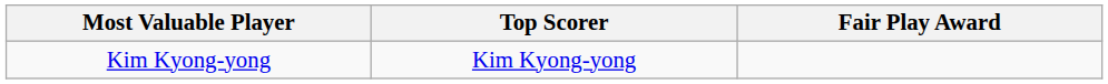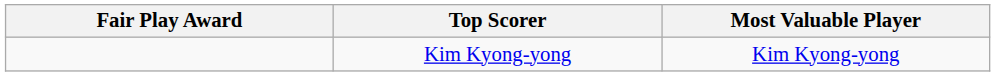 <table class="wikitable" style="text-align:center; width:60%; margin:auto;">
 <tr>
+<th style="width:10%;">Fair Play Award</th>
+<th style="width:10%;">Top Scorer</th>
 <th style="width:10%;">Most Valuable Player</th>
-<th style="width:10%;">Top Scorer</th>
-<th style="width:10%;">Fair Play Award</th>
 </tr>
 <tr>
+<td></td>
 <td> <a href='#'>Kim Kyong-yong</a></td>
 <td> <a href='#'>Kim Kyong-yong</a></td>
-<td></td>
 </tr>
 </table>
